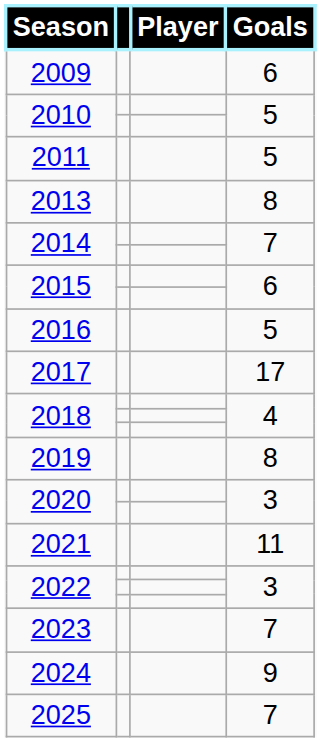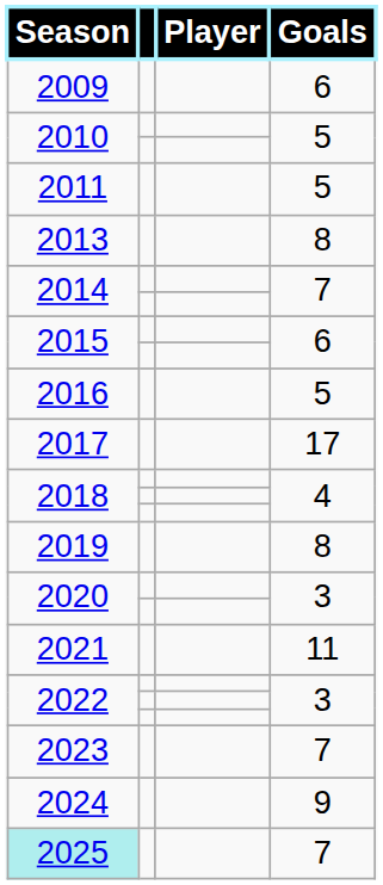 <table class="wikitable sortable" style="text-align:center;">
 <tr>
 <th style="background:#000000; color:#FFFFFF; border:2px solid #A9F1FD;">Season</th>
 <th style="background:#000000; color:#FFFFFF; border:2px solid #A9F1FD;"></th>
 <th style="background:#000000; color:#FFFFFF; border:2px solid #A9F1FD;">Player</th>
 <th style="background:#000000; color:#FFFFFF; border:2px solid #A9F1FD;">Goals</th>
 </tr>
 <tr>
 <td><a href='#'>2009</a></td>
 <td></td>
 <td align="left"></td>
 <td>6</td>
 </tr>
 <tr>
 <td rowspan="2"><a href='#'>2010</a></td>
 <td></td>
 <td align="left"></td>
 <td rowspan="2" align="center">5</td>
 </tr>
 <tr>
 <td></td>
 <td align="left"></td>
 </tr>
 <tr>
 <td><a href='#'>2011</a></td>
 <td></td>
 <td align="left"></td>
 <td align="center">5</td>
 </tr>
 <tr>
 <td><a href='#'>2013</a></td>
 <td></td>
 <td align="left"></td>
 <td align="center">8</td>
 </tr>
 <tr>
 <td rowspan="2"><a href='#'>2014</a></td>
 <td></td>
 <td align="left"></td>
 <td align="center" rowspan="2">7</td>
 </tr>
 <tr>
 <td></td>
 <td align="left"></td>
 </tr>
 <tr>
 <td rowspan="2"><a href='#'>2015</a></td>
 <td></td>
 <td align="left"></td>
 <td align="center" rowspan="2">6</td>
 </tr>
 <tr>
 <td></td>
 <td align="left"></td>
 </tr>
 <tr>
 <td><a href='#'>2016</a></td>
 <td></td>
 <td align="left"></td>
 <td align="center">5</td>
 </tr>
 <tr>
 <td><a href='#'>2017</a></td>
 <td></td>
 <td align="left"></td>
 <td align="center">17</td>
 </tr>
 <tr>
 <td rowspan="3"><a href='#'>2018</a></td>
 <td></td>
 <td align="left"></td>
 <td align="center" rowspan="3">4</td>
 </tr>
 <tr>
 <td></td>
 <td align="left"></td>
 </tr>
 <tr>
 <td></td>
 <td align="left"></td>
 </tr>
 <tr>
 <td><a href='#'>2019</a></td>
 <td></td>
 <td align="left"></td>
 <td align="center">8</td>
 </tr>
 <tr>
 <td rowspan="2"><a href='#'>2020</a></td>
 <td></td>
 <td align="left"></td>
 <td align="center" rowspan="2">3</td>
 </tr>
 <tr>
 <td></td>
 <td align="left"></td>
 </tr>
 <tr>
 <td><a href='#'>2021</a></td>
 <td></td>
 <td align="left"><strong></strong></td>
 <td align="center">11</td>
 </tr>
 <tr>
 <td rowspan="3"><a href='#'>2022</a></td>
 <td></td>
 <td align="left"></td>
 <td align="center" rowspan="3">3</td>
 </tr>
 <tr>
 <td></td>
 <td align="left"><strong></strong></td>
 </tr>
 <tr>
 <td></td>
 <td align="left"></td>
 </tr>
 <tr>
 <td><a href='#'>2023</a></td>
 <td></td>
 <td align="left"></td>
 <td align="center">7</td>
 </tr>
 <tr>
 <td><a href='#'>2024</a></td>
 <td></td>
 <td align="left"><strong></strong></td>
 <td align="center">9</td>
 </tr>
 <tr>
-<td><a href='#'>2025</a></td>
+<td style="background: paleturquoise;"><a href='#'>2025</a></td>
 <td></td>
 <td align="left"><strong></strong></td>
 <td align="center">7</td>
 </tr>
 </table>
